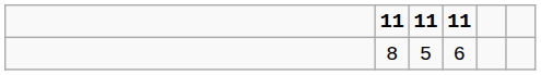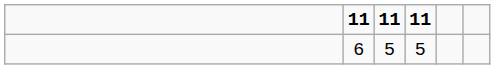 <table class="wikitable">
 <tr>
 <td style="width:18em"><strong></strong></td>
 <td align=center style="width:1em"><strong>11</strong></td>
 <td align=center style="width:1em"><strong>11</strong></td>
 <td align=center style="width:1em"><strong>11</strong></td>
 <td align=center style="width:1em"></td>
 <td align=center style="width:1em"></td>
 </tr>
 <tr>
 <td style="width:18em"></td>
-<td align=center style="width:1em">8</td>
+<td align=center style="width:1em">6</td>
 <td align=center style="width:1em">5</td>
-<td align=center style="width:1em">6</td>
+<td align=center style="width:1em">5</td>
 <td align=center style="width:1em"></td>
 <td align=center style="width:1em"></td>
 </tr>
 </table>
